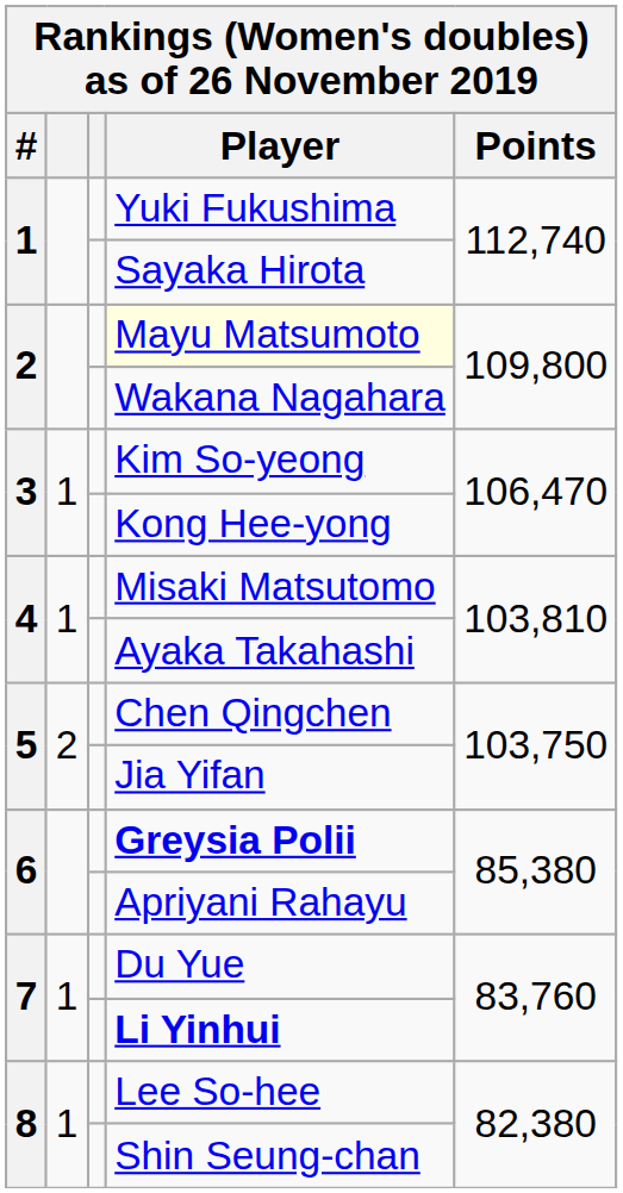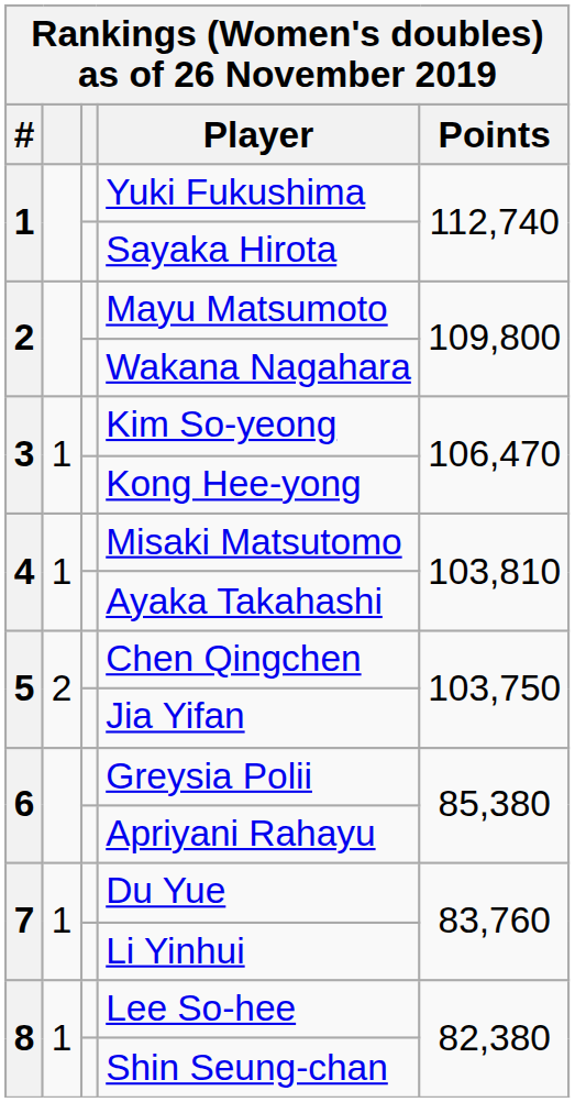 <table class="sortable wikitable">
 <tr>
 <th colspan="6">Rankings (Women's doubles)<br>as of 26 November 2019</th>
 </tr>
 <tr>
 <th>#</th>
 <th></th>
 <th></th>
 <th>Player</th>
 <th>Points</th>
 </tr>
 <tr>
 <th rowspan="2">1</th>
 <td align="center" rowspan="2"></td>
 <td></td>
 <td><a href='#'>Yuki Fukushima</a></td>
 <td align="center" rowspan="2">112,740</td>
 </tr>
 <tr>
 <td></td>
 <td><a href='#'>Sayaka Hirota</a></td>
 </tr>
 <tr>
 <th rowspan="2">2</th>
 <td align="center" rowspan="2"></td>
 <td></td>
-<td style="background: lightyellow;"><a href='#'>Mayu Matsumoto</a></td>
+<td><a href='#'>Mayu Matsumoto</a></td>
 <td align="center" rowspan="2">109,800</td>
 </tr>
 <tr>
 <td></td>
 <td><a href='#'>Wakana Nagahara</a></td>
 </tr>
 <tr>
 <th rowspan="2">3</th>
 <td align="center" rowspan="2"> 1</td>
 <td></td>
 <td><a href='#'>Kim So-yeong</a></td>
 <td align="center" rowspan="2">106,470</td>
 </tr>
 <tr>
 <td></td>
 <td><a href='#'>Kong Hee-yong</a></td>
 </tr>
 <tr>
 <th rowspan="2">4</th>
 <td align="center" rowspan="2"> 1</td>
 <td></td>
 <td><a href='#'>Misaki Matsutomo</a></td>
 <td align="center" rowspan="2">103,810</td>
 </tr>
 <tr>
 <td></td>
 <td><a href='#'>Ayaka Takahashi</a></td>
 </tr>
 <tr>
 <th rowspan="2">5</th>
 <td align="center" rowspan="2"> 2</td>
 <td></td>
 <td><a href='#'>Chen Qingchen</a></td>
 <td align="center" rowspan="2">103,750</td>
 </tr>
 <tr>
 <td></td>
 <td><a href='#'>Jia Yifan</a></td>
 </tr>
 <tr>
 <th rowspan="2">6</th>
 <td align="center" rowspan="2"></td>
 <td></td>
-<td><strong><a href='#'>Greysia Polii</a></strong></td>
+<td><a href='#'>Greysia Polii</a></td>
 <td align="center" rowspan="2">85,380</td>
 </tr>
 <tr>
 <td></td>
 <td><a href='#'>Apriyani Rahayu</a></td>
 </tr>
 <tr>
 <th rowspan="2">7</th>
 <td align="center" rowspan="2"> 1</td>
 <td></td>
 <td><a href='#'>Du Yue</a></td>
 <td align="center" rowspan="2">83,760</td>
 </tr>
 <tr>
 <td></td>
-<td><strong><a href='#'>Li Yinhui</a></strong></td>
+<td><a href='#'>Li Yinhui</a></td>
 </tr>
 <tr>
 <th rowspan="2">8</th>
 <td align="center" rowspan="2"> 1</td>
 <td></td>
 <td><a href='#'>Lee So-hee</a></td>
 <td align="center" rowspan="2">82,380</td>
 </tr>
 <tr>
 <td></td>
 <td><a href='#'>Shin Seung-chan</a><br></td>
 </tr>
 </table>
